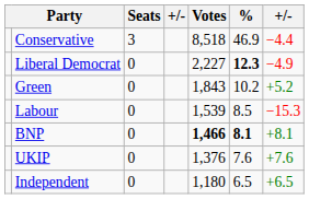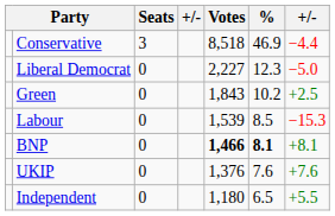 <table class="wikitable">
 <tr>
 <th colspan="2">Party</th>
 <th>Seats</th>
 <th>+/-</th>
 <th>Votes</th>
 <th>%</th>
 <th>+/-</th>
 </tr>
 <tr>
 <td style="background-color: "></td>
 <td><a href='#'>Conservative</a></td>
 <td>3</td>
 <td></td>
 <td>8,518</td>
 <td>46.9</td>
 <td style="color:red">−4.4</td>
 </tr>
 <tr>
 <td style="background-color: "></td>
 <td><a href='#'>Liberal Democrat</a></td>
 <td>0</td>
 <td></td>
 <td>2,227</td>
-<td><strong>12.3</strong></td>
-<td style="color:red">−4.9</td>
+<td>12.3</td>
+<td style="color:red">−5.0</td>
 </tr>
 <tr>
 <td style="background-color: "></td>
 <td><a href='#'>Green</a></td>
 <td>0</td>
 <td></td>
 <td>1,843</td>
 <td>10.2</td>
-<td style="color:green">+5.2</td>
+<td style="color:green">+2.5</td>
 </tr>
 <tr>
 <td style="background-color: "></td>
 <td><a href='#'>Labour</a></td>
 <td>0</td>
 <td></td>
 <td>1,539</td>
 <td>8.5</td>
 <td style="color:red">−15.3</td>
 </tr>
 <tr>
 <td style="background-color: "></td>
 <td><a href='#'>BNP</a></td>
 <td>0</td>
 <td></td>
 <td><strong>1,466</strong></td>
 <td><strong>8.1</strong></td>
 <td style="color:green">+8.1</td>
 </tr>
 <tr>
 <td style="background-color: "></td>
 <td><a href='#'>UKIP</a></td>
 <td>0</td>
 <td></td>
 <td>1,376</td>
 <td>7.6</td>
 <td style="color:green">+7.6</td>
 </tr>
 <tr>
 <td style="background-color: "></td>
 <td><a href='#'>Independent</a></td>
 <td>0</td>
 <td></td>
 <td>1,180</td>
 <td>6.5</td>
-<td style="color:green">+6.5</td>
+<td style="color:green">+5.5</td>
 </tr>
 </table>
